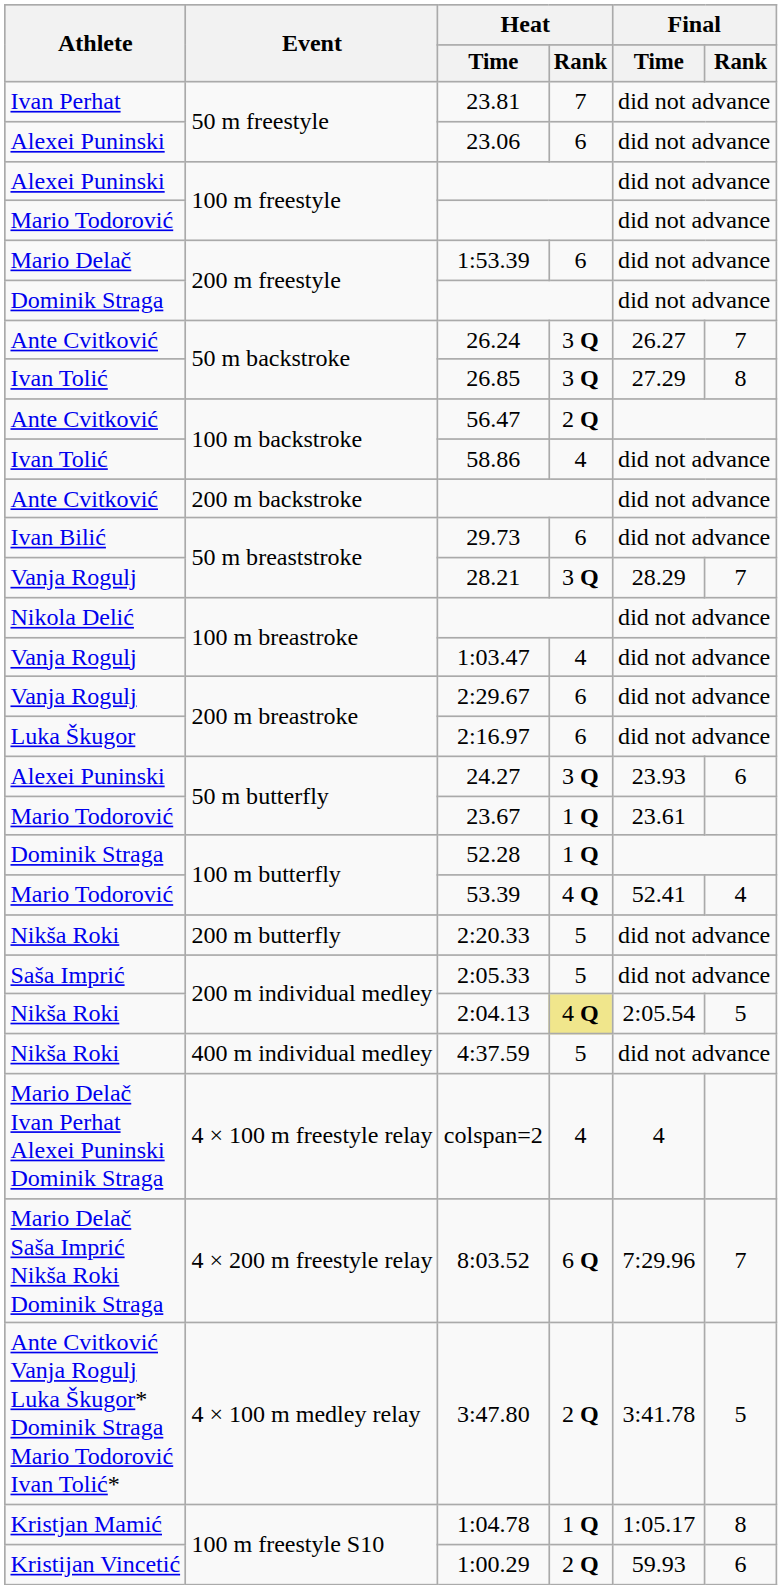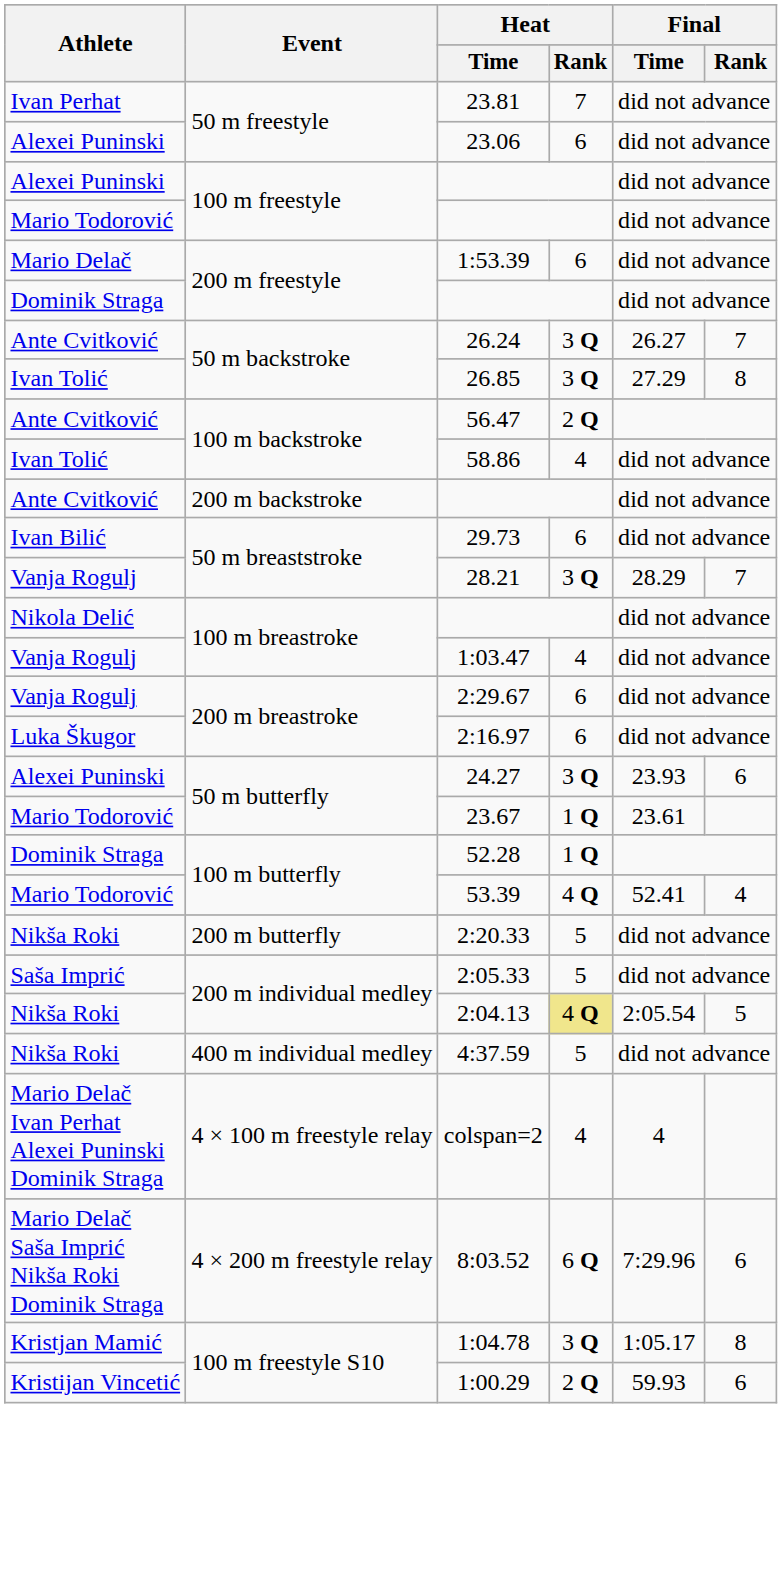 <table class=wikitable style="font-size:90%">
 <tr>
 <th rowspan=2>Athlete</th>
 <th rowspan=2>Event</th>
 <th colspan=2>Heat</th>
 <th colspan=2>Final</th>
 </tr>
 <tr style="font-size:95%">
 <th>Time</th>
 <th>Rank</th>
 <th>Time</th>
 <th>Rank</th>
 </tr>
 <tr align=center>
 <td align=left><a href='#'>Ivan Perhat</a></td>
 <td align=left rowspan=2>50 m freestyle</td>
 <td>23.81</td>
 <td>7</td>
 <td colspan=2>did not advance</td>
 </tr>
 <tr align=center>
 <td align=left><a href='#'>Alexei Puninski</a></td>
 <td>23.06</td>
 <td>6</td>
 <td colspan=2>did not advance</td>
 </tr>
 <tr align=center>
 <td align=left><a href='#'>Alexei Puninski</a></td>
 <td align=left rowspan=2>100 m freestyle</td>
 <td colspan=2></td>
 <td colspan=2>did not advance</td>
 </tr>
 <tr align=center>
 <td align=left><a href='#'>Mario Todorović</a></td>
 <td colspan=2></td>
 <td colspan=2>did not advance</td>
 </tr>
 <tr align=center>
 <td align=left><a href='#'>Mario Delač</a></td>
 <td align=left rowspan=2>200 m freestyle</td>
 <td>1:53.39</td>
 <td>6</td>
 <td colspan=2>did not advance</td>
 </tr>
 <tr align=center>
 <td align=left><a href='#'>Dominik Straga</a></td>
 <td colspan=2></td>
 <td colspan=2>did not advance</td>
 </tr>
 <tr align=center>
 <td align=left><a href='#'>Ante Cvitković</a></td>
 <td align=left rowspan=2>50 m backstroke</td>
 <td>26.24</td>
 <td>3 <strong>Q</strong></td>
 <td>26.27</td>
 <td>7</td>
 </tr>
 <tr align=center>
 <td align=left><a href='#'>Ivan Tolić</a></td>
 <td>26.85</td>
 <td>3 <strong>Q</strong></td>
 <td>27.29</td>
 <td>8</td>
 </tr>
 <tr align=center>
 <td align=left><a href='#'>Ante Cvitković</a></td>
 <td align=left rowspan=2>100 m backstroke</td>
 <td>56.47</td>
 <td>2 <strong>Q</strong></td>
 <td colspan=2></td>
 </tr>
 <tr align=center>
 <td align=left><a href='#'>Ivan Tolić</a></td>
 <td>58.86</td>
 <td>4</td>
 <td colspan=2>did not advance</td>
 </tr>
 <tr align=center>
 <td align=left><a href='#'>Ante Cvitković</a></td>
 <td align=left>200 m backstroke</td>
 <td colspan=2></td>
 <td colspan=2>did not advance</td>
 </tr>
 <tr align=center>
 <td align=left><a href='#'>Ivan Bilić</a></td>
 <td align=left rowspan=2>50 m breaststroke</td>
 <td>29.73</td>
 <td>6</td>
 <td colspan=2>did not advance</td>
 </tr>
 <tr align=center>
 <td align=left><a href='#'>Vanja Rogulj</a></td>
 <td>28.21</td>
 <td>3 <strong>Q</strong></td>
 <td>28.29</td>
 <td>7</td>
 </tr>
 <tr align=center>
 <td align=left><a href='#'>Nikola Delić</a></td>
 <td align=left rowspan=2>100 m breastroke</td>
 <td colspan=2></td>
 <td colspan=2>did not advance</td>
 </tr>
 <tr align=center>
 <td align=left><a href='#'>Vanja Rogulj</a></td>
 <td>1:03.47</td>
 <td>4</td>
 <td colspan=2>did not advance</td>
 </tr>
 <tr align=center>
 <td align=left><a href='#'>Vanja Rogulj</a></td>
 <td align=left rowspan=2>200 m breastroke</td>
 <td>2:29.67</td>
 <td>6</td>
 <td colspan=2>did not advance</td>
 </tr>
 <tr align=center>
 <td align=left><a href='#'>Luka Škugor</a></td>
 <td>2:16.97</td>
 <td>6</td>
 <td colspan=2>did not advance</td>
 </tr>
 <tr align=center>
 <td align=left><a href='#'>Alexei Puninski</a></td>
 <td align=left rowspan=2>50 m butterfly</td>
 <td>24.27</td>
 <td>3 <strong>Q</strong></td>
 <td>23.93</td>
 <td>6</td>
 </tr>
 <tr align=center>
 <td align=left><a href='#'>Mario Todorović</a></td>
 <td>23.67</td>
 <td>1 <strong>Q</strong></td>
 <td>23.61</td>
 <td></td>
 </tr>
 <tr align=center>
 <td align=left><a href='#'>Dominik Straga</a></td>
 <td align=left rowspan=2>100 m butterfly</td>
 <td>52.28</td>
 <td>1 <strong>Q</strong></td>
 <td colspan=2></td>
 </tr>
 <tr align=center>
 <td align=left><a href='#'>Mario Todorović</a></td>
 <td>53.39</td>
 <td>4 <strong>Q</strong></td>
 <td>52.41</td>
 <td>4</td>
 </tr>
 <tr align=center>
 <td align=left><a href='#'>Nikša Roki</a></td>
 <td align=left>200 m butterfly</td>
 <td>2:20.33</td>
 <td>5</td>
 <td colspan=2>did not advance</td>
 </tr>
 <tr align=center>
 <td align=left><a href='#'>Saša Imprić</a></td>
 <td align=left rowspan=2>200 m individual medley</td>
 <td>2:05.33</td>
 <td>5</td>
 <td colspan=2>did not advance</td>
 </tr>
 <tr align=center>
 <td align=left><a href='#'>Nikša Roki</a></td>
 <td>2:04.13</td>
 <td style="background: khaki;">4 <strong>Q</strong></td>
 <td>2:05.54</td>
 <td>5</td>
 </tr>
 <tr align=center>
 <td align=left><a href='#'>Nikša Roki</a></td>
 <td align=left>400 m individual medley</td>
 <td>4:37.59</td>
 <td>5</td>
 <td colspan=2>did not advance</td>
 </tr>
 <tr align=center>
 <td align=left><a href='#'>Mario Delač</a><br><a href='#'>Ivan Perhat</a><br><a href='#'>Alexei Puninski</a><br><a href='#'>Dominik Straga</a></td>
 <td align=left>4 × 100 m freestyle relay</td>
 <td>colspan=2 </td>
 <td>4</td>
 <td>4</td>
 </tr>
 <tr align=center>
 <td align=left><a href='#'>Mario Delač</a><br><a href='#'>Saša Imprić</a><br><a href='#'>Nikša Roki</a><br><a href='#'>Dominik Straga</a></td>
 <td align=left>4 × 200 m freestyle relay</td>
 <td>8:03.52</td>
 <td>6 <strong>Q</strong></td>
 <td>7:29.96</td>
-<td>7</td>
-</tr>
-<tr align=center>
-<td align=left><a href='#'>Ante Cvitković</a><br><a href='#'>Vanja Rogulj</a><br><a href='#'>Luka Škugor</a>*<br><a href='#'>Dominik Straga</a><br><a href='#'>Mario Todorović</a><br><a href='#'>Ivan Tolić</a>*</td>
-<td align=left>4 × 100 m medley relay</td>
-<td>3:47.80</td>
-<td>2 <strong>Q</strong></td>
-<td>3:41.78</td>
-<td>5</td>
+<td>6</td>
 </tr>
 <tr align=center>
 <td align=left><a href='#'>Kristjan Mamić</a></td>
 <td align=left rowspan=2>100 m freestyle S10</td>
 <td>1:04.78</td>
-<td>1 <strong>Q</strong></td>
+<td>3 <strong>Q</strong></td>
 <td>1:05.17</td>
 <td>8</td>
 </tr>
 <tr align=center>
 <td align=left><a href='#'>Kristijan Vincetić</a></td>
 <td>1:00.29</td>
 <td>2 <strong>Q</strong></td>
 <td>59.93</td>
 <td>6</td>
 </tr>
 </table>
